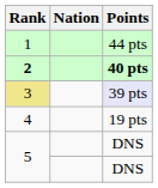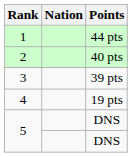 <table class="wikitable sortable" style="text-align:center">
 <tr>
 <th>Rank</th>
 <th>Nation</th>
 <th>Points</th>
 </tr>
 <tr style="background-color:#ccffcc">
 <td>1</td>
 <td align=left></td>
 <td>44 pts</td>
 </tr>
 <tr style="background-color:#ccffcc">
-<td><strong>2</strong></td>
+<td>2</td>
 <td align=left></td>
-<td><strong>40 pts</strong></td>
+<td>40 pts</td>
 </tr>
 <tr>
-<td style="background: khaki;">3</td>
+<td>3</td>
 <td align=left></td>
-<td style="background: lavender;">39 pts</td>
+<td>39 pts</td>
 </tr>
 <tr>
 <td>4</td>
 <td align=left></td>
 <td>19 pts</td>
 </tr>
 <tr>
 <td rowspan = 2>5</td>
 <td align=left></td>
 <td>DNS</td>
 </tr>
 <tr>
 <td align=left></td>
 <td>DNS</td>
 </tr>
 </table>
